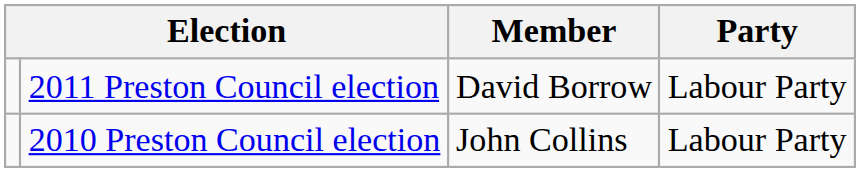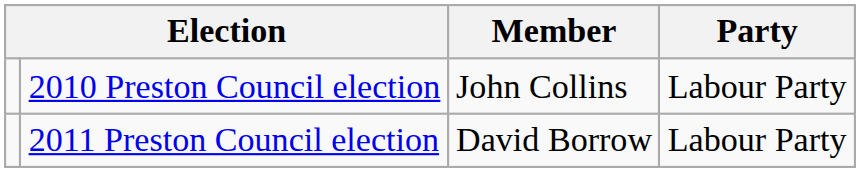 <table class="wikitable">
 <tr>
 <th colspan="2">Election</th>
 <th>Member</th>
 <th>Party</th>
 </tr>
 <tr>
 <td style="background-color: "></td>
+<td><a href='#'>2010 Preston Council election</a></td>
+<td>John Collins</td>
+<td>Labour Party</td>
+</tr>
+<tr>
+<td style="background-color: "></td>
 <td><a href='#'>2011 Preston Council election</a></td>
 <td>David Borrow</td>
 <td>Labour Party</td>
 </tr>
-<tr>
-<td style="background-color: "></td>
-<td><a href='#'>2010 Preston Council election</a></td>
-<td>John Collins</td>
-<td>Labour Party</td>
-</tr>
 </table>
